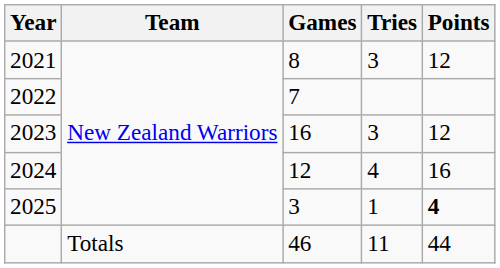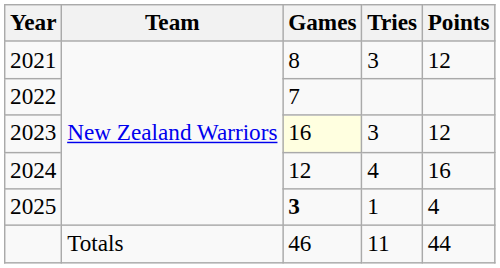 <table class="wikitable">
 <tr>
 <th>Year</th>
 <th>Team</th>
 <th>Games</th>
 <th>Tries</th>
 <th>Points</th>
 </tr>
 <tr>
 <td>2021</td>
 <td rowspan="5"> <a href='#'>New Zealand Warriors</a></td>
 <td>8</td>
 <td>3</td>
 <td>12</td>
 </tr>
 <tr>
 <td>2022</td>
 <td>7</td>
 <td></td>
 <td></td>
 </tr>
 <tr>
 <td>2023</td>
-<td>16</td>
+<td style="background: lightyellow;">16</td>
 <td>3</td>
 <td>12</td>
 </tr>
 <tr>
 <td>2024</td>
 <td>12</td>
 <td>4</td>
 <td>16</td>
 </tr>
 <tr>
 <td>2025</td>
-<td>3</td>
+<td><strong>3</strong></td>
 <td>1</td>
-<td><strong>4</strong></td>
+<td>4</td>
 </tr>
 <tr>
 <td></td>
 <td>Totals</td>
 <td>46</td>
 <td>11</td>
 <td>44</td>
 </tr>
 </table>
